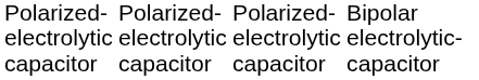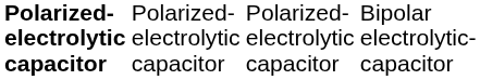 <table>
 <tr>
 <td></td>
 <td></td>
 <td></td>
 <td></td>
 </tr>
 <tr>
-<td>Polarized- <br> electrolytic <br> capacitor</td>
+<td><strong>Polarized- <br> electrolytic <br> capacitor</strong></td>
 <td>Polarized- <br> electrolytic <br> capacitor</td>
 <td>Polarized- <br> electrolytic <br> capacitor</td>
 <td>Bipolar <br> electrolytic- <br> capacitor</td>
 </tr>
 </table>
